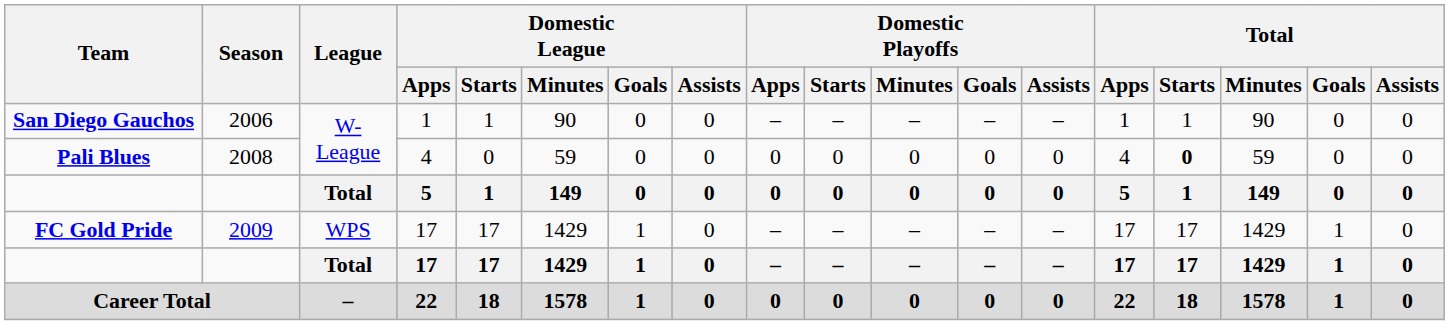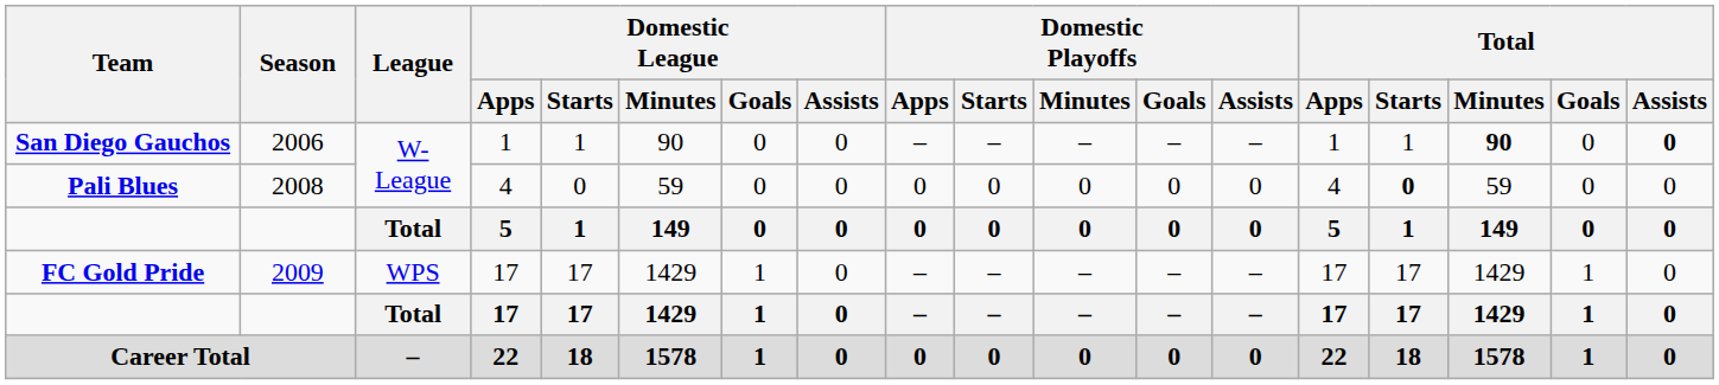 <table class="wikitable" style=font-size:90% text-align: center width=75%>
 <tr>
 <th rowspan=2 width=15%>Team</th>
 <th rowspan=2 width=7%>Season</th>
 <th rowspan=2 width=7%>League</th>
 <th colspan=5 width=20%>Domestic<br>League</th>
 <th colspan=5 width=20%>Domestic<br>Playoffs</th>
 <th colspan=5 width=10%>Total</th>
 </tr>
 <tr>
 <th align=center>Apps</th>
 <th align=center>Starts</th>
 <th align=center>Minutes</th>
 <th align=center>Goals</th>
 <th align=center>Assists</th>
 <th align=center>Apps</th>
 <th align=center>Starts</th>
 <th align=center>Minutes</th>
 <th align=center>Goals</th>
 <th align=center>Assists</th>
 <th align=center>Apps</th>
 <th align=center>Starts</th>
 <th align=center>Minutes</th>
 <th align=center>Goals</th>
 <th align=center>Assists</th>
 </tr>
 <tr>
 <td rowspan=1 align=center><strong><a href='#'>San Diego Gauchos</a></strong></td>
 <td align=center>2006</td>
 <td rowspan=2 align=center><a href='#'>W-League</a></td>
 <td align=center>1</td>
 <td align=center>1</td>
 <td align=center>90</td>
 <td align=center>0</td>
 <td align=center>0</td>
 <td align=center>–</td>
 <td align=center>–</td>
 <td align=center>–</td>
 <td align=center>–</td>
 <td align=center>–</td>
 <td align=center>1</td>
 <td align=center>1</td>
-<td align=center>90</td>
+<td align=center><strong>90</strong></td>
 <td align=center>0</td>
-<td align=center>0</td>
+<td align=center><strong>0</strong></td>
 </tr>
 <tr>
 <td rowspan=1 align=center><strong><a href='#'>Pali Blues</a></strong></td>
 <td align=center>2008</td>
 <td align=center>4</td>
 <td align=center>0</td>
 <td align=center>59</td>
 <td align=center>0</td>
 <td align=center>0</td>
 <td align=center>0</td>
 <td align=center>0</td>
 <td align=center>0</td>
 <td align=center>0</td>
 <td align=center>0</td>
 <td align=center>4</td>
 <td align=center><strong>0</strong></td>
 <td align=center>59</td>
 <td align=center>0</td>
 <td align=center>0</td>
 </tr>
 <tr>
 <td></td>
 <td></td>
 <th>Total</th>
 <th>5</th>
 <th>1</th>
 <th>149</th>
 <th>0</th>
 <th>0</th>
 <th>0</th>
 <th>0</th>
 <th>0</th>
 <th>0</th>
 <th>0</th>
 <th>5</th>
 <th>1</th>
 <th>149</th>
 <th>0</th>
 <th>0</th>
 </tr>
 <tr>
 <td rowspan=1 align=center><strong><a href='#'>FC Gold Pride</a></strong></td>
 <td align=center><a href='#'>2009</a></td>
 <td align=center><a href='#'>WPS</a></td>
 <td align=center>17</td>
 <td align=center>17</td>
 <td align=center>1429</td>
 <td align=center>1</td>
 <td align=center>0</td>
 <td align=center>–</td>
 <td align=center>–</td>
 <td align=center>–</td>
 <td align=center>–</td>
 <td align=center>–</td>
 <td align=center>17</td>
 <td align=center>17</td>
 <td align=center>1429</td>
 <td align=center>1</td>
 <td align=center>0</td>
 </tr>
 <tr>
 <td></td>
 <td></td>
 <th>Total</th>
 <th>17</th>
 <th>17</th>
 <th>1429</th>
 <th>1</th>
 <th>0</th>
 <th>–</th>
 <th>–</th>
 <th>–</th>
 <th>–</th>
 <th>–</th>
 <th>17</th>
 <th>17</th>
 <th>1429</th>
 <th>1</th>
 <th>0</th>
 </tr>
 <tr>
 <th style="background: #DCDCDC" colspan="2">Career Total</th>
 <th style="background: #DCDCDC" align=center>–</th>
 <th style="background: #DCDCDC" align=center>22</th>
 <th style="background: #DCDCDC" align=center>18</th>
 <th style="background: #DCDCDC" align=center>1578</th>
 <th style="background: #DCDCDC" align=center>1</th>
 <th style="background: #DCDCDC" align=center>0</th>
 <th style="background: #DCDCDC" align=center>0</th>
 <th style="background: #DCDCDC" align=center>0</th>
 <th style="background: #DCDCDC" align=center>0</th>
 <th style="background: #DCDCDC" align=center>0</th>
 <th style="background: #DCDCDC" align=center>0</th>
 <th style="background: #DCDCDC" align=center>22</th>
 <th style="background: #DCDCDC" align=center>18</th>
 <th style="background: #DCDCDC" align=center>1578</th>
 <th style="background: #DCDCDC" align=center>1</th>
 <th style="background: #DCDCDC" align=center>0</th>
 </tr>
 </table>
